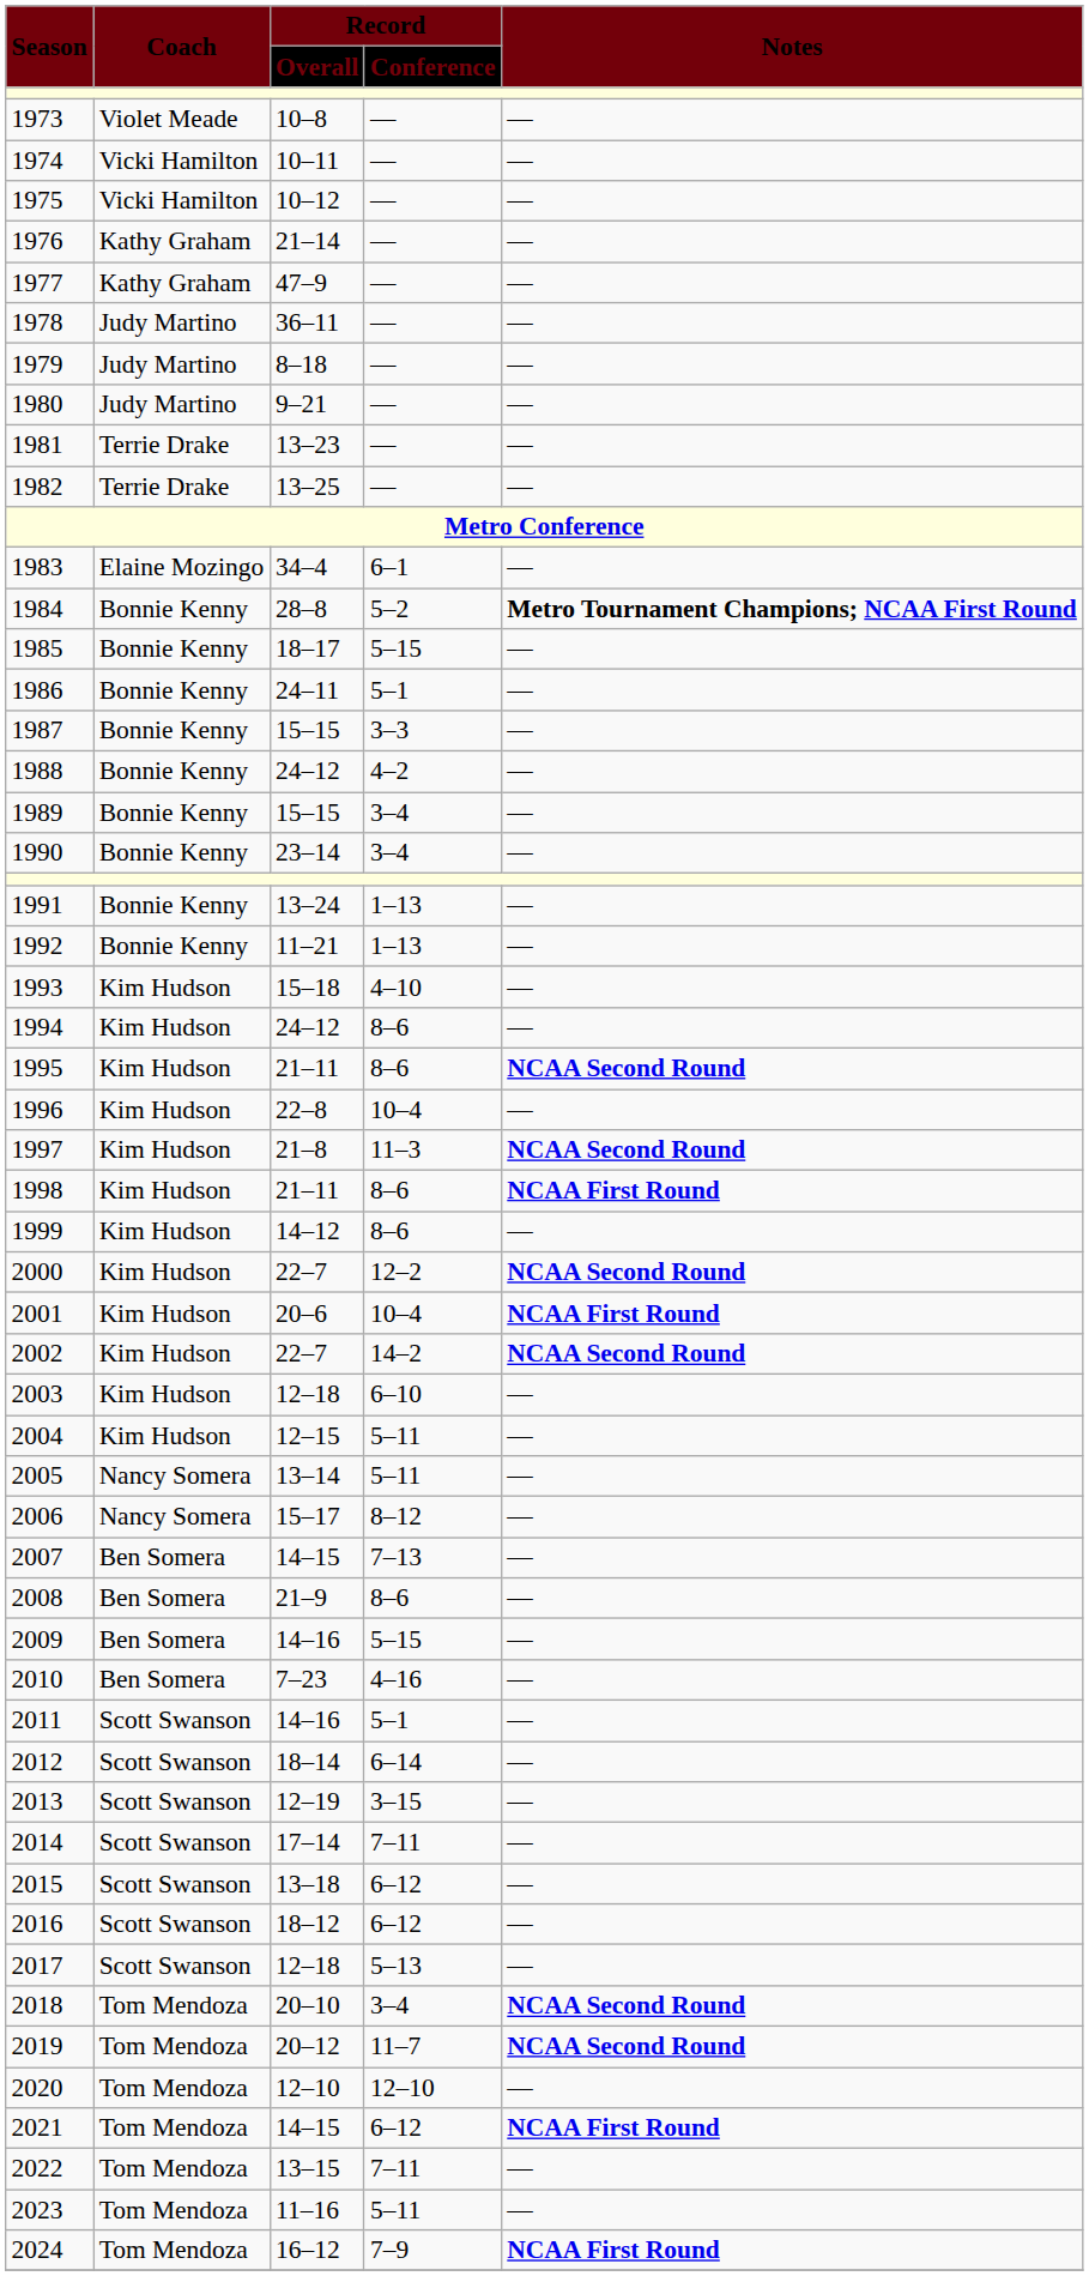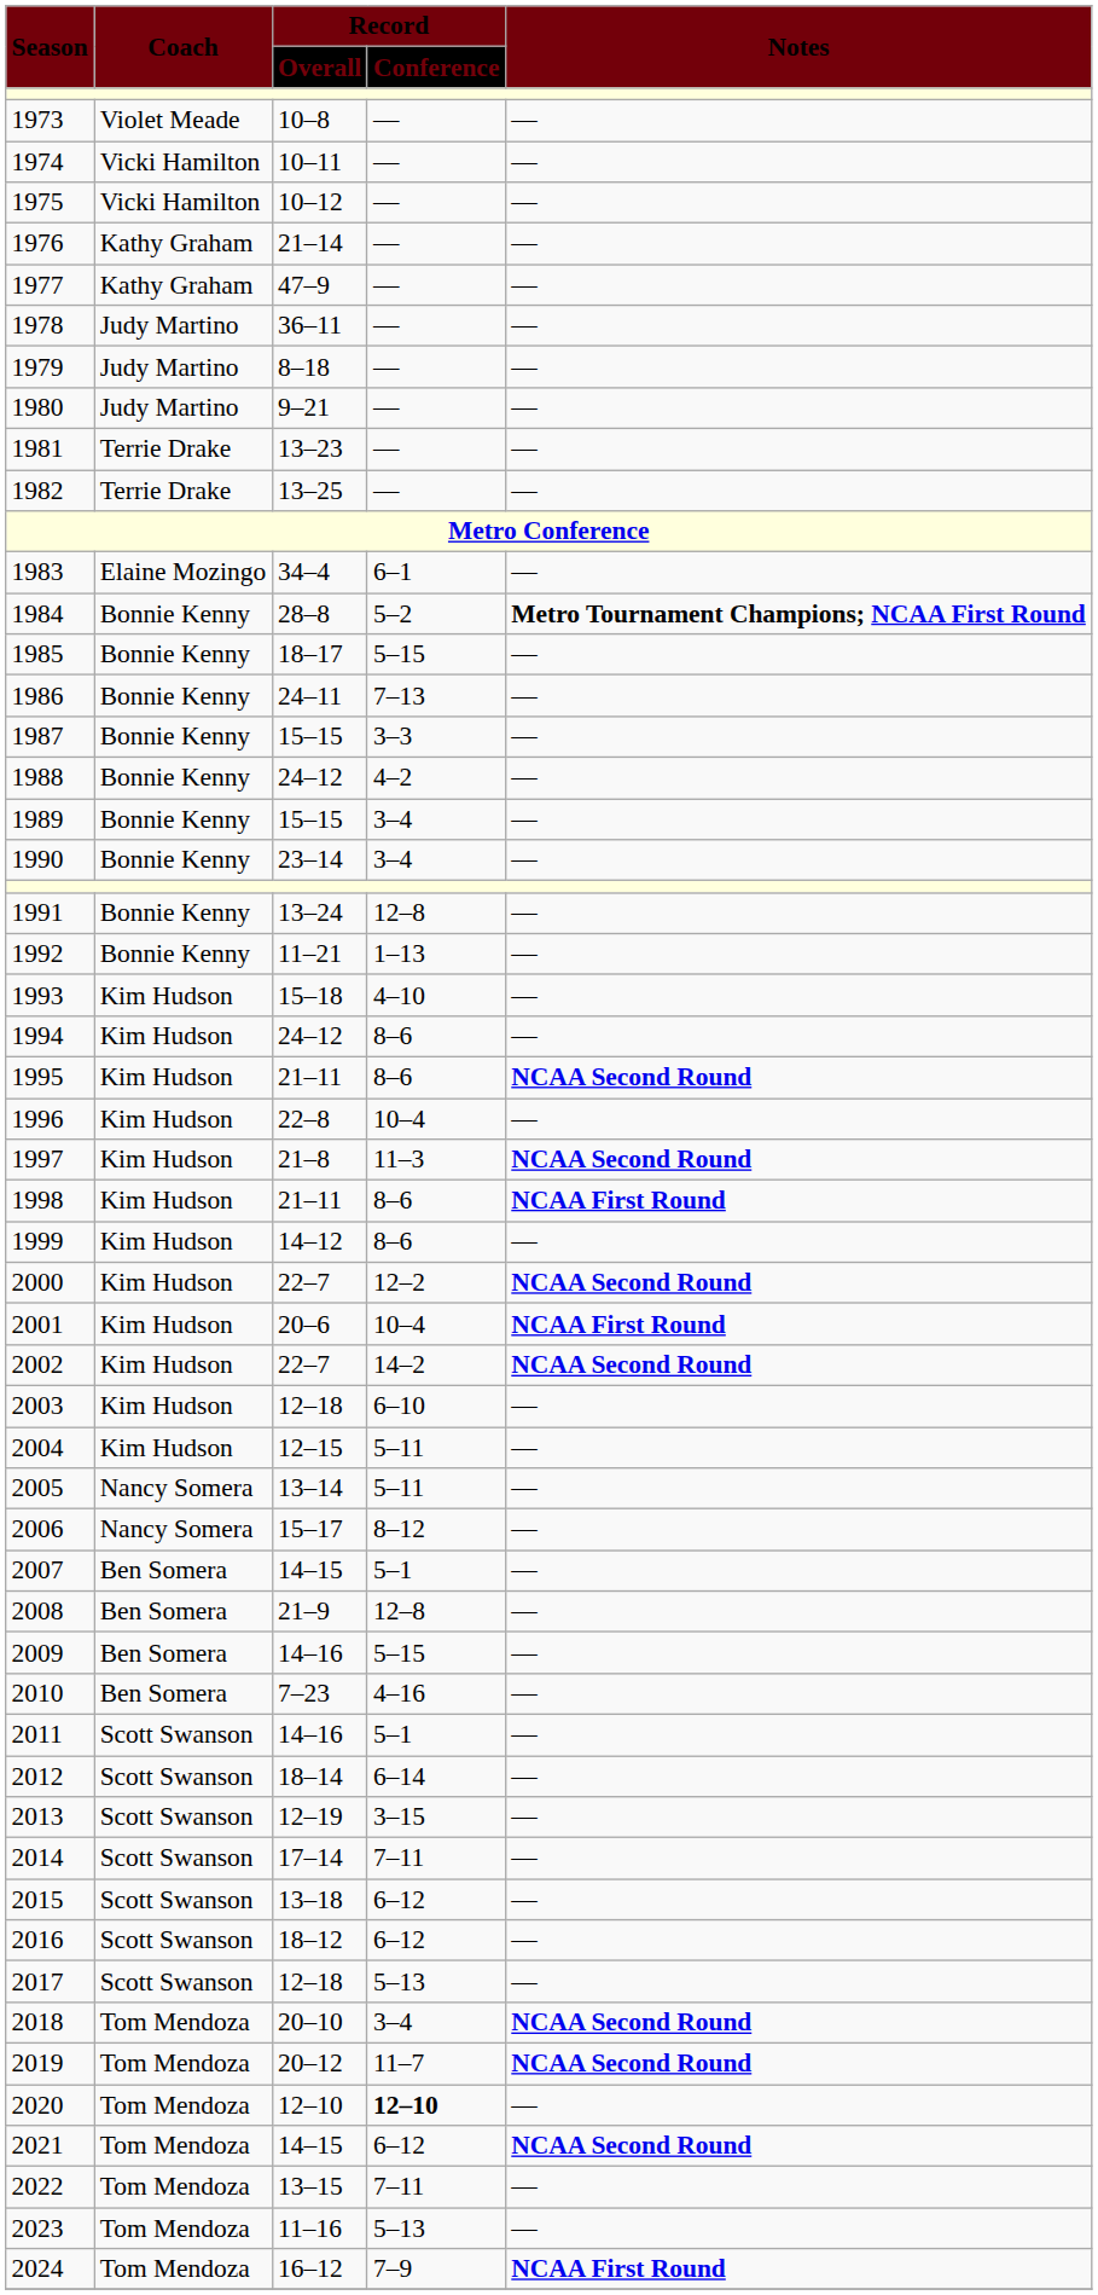 <table class="wikitable">
 <tr>
 <th rowspan="2" style="background: #73000A; color:black;">Season</th>
 <th rowspan="2" style="background: #73000A; color:black;">Coach</th>
 <th colspan="2" style="background: #73000A; color:black;">Record</th>
 <th rowspan="2" style="background: #73000A; color:black;">Notes</th>
 </tr>
 <tr>
 <td width="70px" align="center" style="width:20px; background: black; color:#73000A; text-align:center"><strong>Overall</strong></td>
 <td width="40px" align="center" style="width:20px; background: black; color:#73000A; text-align:center"><strong>Conference</strong></td>
 </tr>
 <tr style="background: #ffffdd;">
 <td colspan="5"></td>
 </tr>
 <tr>
 <td>1973</td>
 <td>Violet Meade</td>
 <td>10–8</td>
 <td>—</td>
 <td>—</td>
 </tr>
 <tr>
 <td>1974</td>
 <td>Vicki Hamilton</td>
 <td>10–11</td>
 <td>—</td>
 <td>—</td>
 </tr>
 <tr>
 <td>1975</td>
 <td>Vicki Hamilton</td>
 <td>10–12</td>
 <td>—</td>
 <td>—</td>
 </tr>
 <tr>
 <td>1976</td>
 <td>Kathy Graham</td>
 <td>21–14</td>
 <td>—</td>
 <td>—</td>
 </tr>
 <tr>
 <td>1977</td>
 <td>Kathy Graham</td>
 <td>47–9</td>
 <td>—</td>
 <td>—</td>
 </tr>
 <tr>
 <td>1978</td>
 <td>Judy Martino</td>
 <td>36–11</td>
 <td>—</td>
 <td>—</td>
 </tr>
 <tr>
 <td>1979</td>
 <td>Judy Martino</td>
 <td>8–18</td>
 <td>—</td>
 <td>—</td>
 </tr>
 <tr>
 <td>1980</td>
 <td>Judy Martino</td>
 <td>9–21</td>
 <td>—</td>
 <td>—</td>
 </tr>
 <tr>
 <td>1981</td>
 <td>Terrie Drake</td>
 <td>13–23</td>
 <td>—</td>
 <td>—</td>
 </tr>
 <tr>
 <td>1982</td>
 <td>Terrie Drake</td>
 <td>13–25</td>
 <td>—</td>
 <td>—</td>
 </tr>
 <tr style="background: #ffffdd;">
 <td colspan="5" style="text-align:center;"><strong><a href='#'>Metro Conference</a></strong></td>
 </tr>
 <tr>
 <td>1983</td>
 <td>Elaine Mozingo</td>
 <td>34–4</td>
 <td>6–1</td>
 <td>—</td>
 </tr>
 <tr>
 <td>1984</td>
 <td>Bonnie Kenny</td>
 <td>28–8</td>
 <td>5–2</td>
 <td><strong>Metro Tournament Champions; <a href='#'>NCAA First Round</a></strong></td>
 </tr>
 <tr>
 <td>1985</td>
 <td>Bonnie Kenny</td>
 <td>18–17</td>
 <td>5–15</td>
 <td>—</td>
 </tr>
 <tr>
 <td>1986</td>
 <td>Bonnie Kenny</td>
 <td>24–11</td>
-<td>5–1</td>
+<td>7–13</td>
 <td>—</td>
 </tr>
 <tr>
 <td>1987</td>
 <td>Bonnie Kenny</td>
 <td>15–15</td>
 <td>3–3</td>
 <td>—</td>
 </tr>
 <tr>
 <td>1988</td>
 <td>Bonnie Kenny</td>
 <td>24–12</td>
 <td>4–2</td>
 <td>—</td>
 </tr>
 <tr>
 <td>1989</td>
 <td>Bonnie Kenny</td>
 <td>15–15</td>
 <td>3–4</td>
 <td>—</td>
 </tr>
 <tr>
 <td>1990</td>
 <td>Bonnie Kenny</td>
 <td>23–14</td>
 <td>3–4</td>
 <td>—</td>
 </tr>
 <tr style="background: #ffffdd;">
 <td colspan="5"></td>
 </tr>
 <tr>
 <td>1991</td>
 <td>Bonnie Kenny</td>
 <td>13–24</td>
-<td>1–13</td>
+<td>12–8</td>
 <td>—</td>
 </tr>
 <tr>
 <td>1992</td>
 <td>Bonnie Kenny</td>
 <td>11–21</td>
 <td>1–13</td>
 <td>—</td>
 </tr>
 <tr>
 <td>1993</td>
 <td>Kim Hudson</td>
 <td>15–18</td>
 <td>4–10</td>
 <td>—</td>
 </tr>
 <tr>
 <td>1994</td>
 <td>Kim Hudson</td>
 <td>24–12</td>
 <td>8–6</td>
 <td>—</td>
 </tr>
 <tr>
 <td>1995</td>
 <td>Kim Hudson</td>
 <td>21–11</td>
 <td>8–6</td>
 <td><strong><a href='#'>NCAA Second Round</a></strong></td>
 </tr>
 <tr>
 <td>1996</td>
 <td>Kim Hudson</td>
 <td>22–8</td>
 <td>10–4</td>
 <td>—</td>
 </tr>
 <tr>
 <td>1997</td>
 <td>Kim Hudson</td>
 <td>21–8</td>
 <td>11–3</td>
 <td><strong><a href='#'>NCAA Second Round</a></strong></td>
 </tr>
 <tr>
 <td>1998</td>
 <td>Kim Hudson</td>
 <td>21–11</td>
 <td>8–6</td>
 <td><strong><a href='#'>NCAA First Round</a></strong></td>
 </tr>
 <tr>
 <td>1999</td>
 <td>Kim Hudson</td>
 <td>14–12</td>
 <td>8–6</td>
 <td>—</td>
 </tr>
 <tr>
 <td>2000</td>
 <td>Kim Hudson</td>
 <td>22–7</td>
 <td>12–2</td>
 <td><strong><a href='#'>NCAA Second Round</a></strong></td>
 </tr>
 <tr>
 <td>2001</td>
 <td>Kim Hudson</td>
 <td>20–6</td>
 <td>10–4</td>
 <td><strong><a href='#'>NCAA First Round</a></strong></td>
 </tr>
 <tr>
 <td>2002</td>
 <td>Kim Hudson</td>
 <td>22–7</td>
 <td>14–2</td>
 <td><strong><a href='#'>NCAA Second Round</a></strong></td>
 </tr>
 <tr>
 <td>2003</td>
 <td>Kim Hudson</td>
 <td>12–18</td>
 <td>6–10</td>
 <td>—</td>
 </tr>
 <tr>
 <td>2004</td>
 <td>Kim Hudson</td>
 <td>12–15</td>
 <td>5–11</td>
 <td>—</td>
 </tr>
 <tr>
 <td>2005</td>
 <td>Nancy Somera</td>
 <td>13–14</td>
 <td>5–11</td>
 <td>—</td>
 </tr>
 <tr>
 <td>2006</td>
 <td>Nancy Somera</td>
 <td>15–17</td>
 <td>8–12</td>
 <td>—</td>
 </tr>
 <tr>
 <td>2007</td>
 <td>Ben Somera</td>
 <td>14–15</td>
-<td>7–13</td>
+<td>5–1</td>
 <td>—</td>
 </tr>
 <tr>
 <td>2008</td>
 <td>Ben Somera</td>
 <td>21–9</td>
-<td>8–6</td>
+<td>12–8</td>
 <td>—</td>
 </tr>
 <tr>
 <td>2009</td>
 <td>Ben Somera</td>
 <td>14–16</td>
 <td>5–15</td>
 <td>—</td>
 </tr>
 <tr>
 <td>2010</td>
 <td>Ben Somera</td>
 <td>7–23</td>
 <td>4–16</td>
 <td>—</td>
 </tr>
 <tr>
 <td>2011</td>
 <td>Scott Swanson</td>
 <td>14–16</td>
 <td>5–1</td>
 <td>—</td>
 </tr>
 <tr>
 <td>2012</td>
 <td>Scott Swanson</td>
 <td>18–14</td>
 <td>6–14</td>
 <td>—</td>
 </tr>
 <tr>
 <td>2013</td>
 <td>Scott Swanson</td>
 <td>12–19</td>
 <td>3–15</td>
 <td>—</td>
 </tr>
 <tr>
 <td>2014</td>
 <td>Scott Swanson</td>
 <td>17–14</td>
 <td>7–11</td>
 <td>—</td>
 </tr>
 <tr>
 <td>2015</td>
 <td>Scott Swanson</td>
 <td>13–18</td>
 <td>6–12</td>
 <td>—</td>
 </tr>
 <tr>
 <td>2016</td>
 <td>Scott Swanson</td>
 <td>18–12</td>
 <td>6–12</td>
 <td>—</td>
 </tr>
 <tr>
 <td>2017</td>
 <td>Scott Swanson</td>
 <td>12–18</td>
 <td>5–13</td>
 <td>—</td>
 </tr>
 <tr>
 <td>2018</td>
 <td>Tom Mendoza</td>
 <td>20–10</td>
 <td>3–4</td>
 <td><strong><a href='#'>NCAA Second Round</a></strong></td>
 </tr>
 <tr>
 <td>2019</td>
 <td>Tom Mendoza</td>
 <td>20–12</td>
 <td>11–7</td>
 <td><strong><a href='#'>NCAA Second Round</a></strong></td>
 </tr>
 <tr>
 <td>2020</td>
 <td>Tom Mendoza</td>
 <td>12–10</td>
-<td>12–10</td>
+<td><strong>12–10</strong></td>
 <td>—</td>
 </tr>
 <tr>
 <td>2021</td>
 <td>Tom Mendoza</td>
 <td>14–15</td>
 <td>6–12</td>
-<td><strong><a href='#'>NCAA First Round</a></strong></td>
+<td><strong><a href='#'>NCAA Second Round</a></strong></td>
 </tr>
 <tr>
 <td>2022</td>
 <td>Tom Mendoza</td>
 <td>13–15</td>
 <td>7–11</td>
 <td>—</td>
 </tr>
 <tr>
 <td>2023</td>
 <td>Tom Mendoza</td>
 <td>11–16</td>
-<td>5–11</td>
+<td>5–13</td>
 <td>—</td>
 </tr>
 <tr>
 <td>2024</td>
 <td>Tom Mendoza</td>
 <td>16–12</td>
 <td>7–9</td>
 <td><strong><a href='#'>NCAA First Round</a></strong></td>
 </tr>
 <tr>
 </tr>
 </table>
